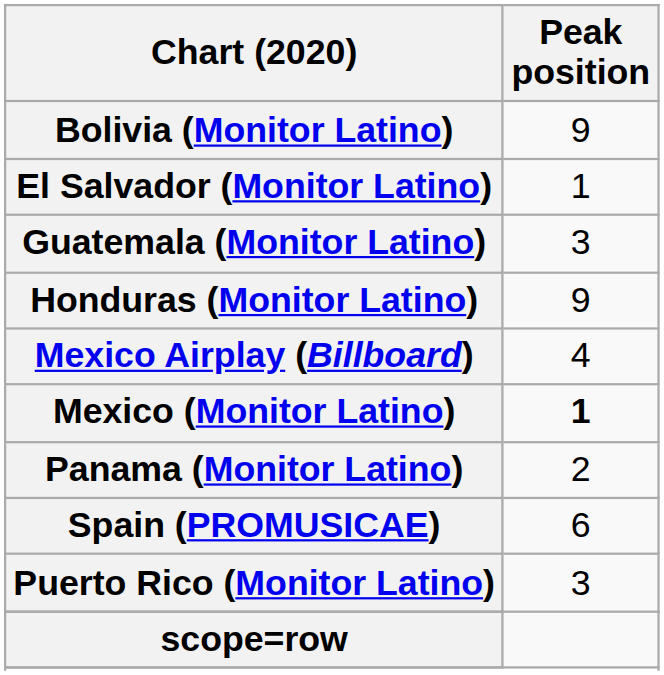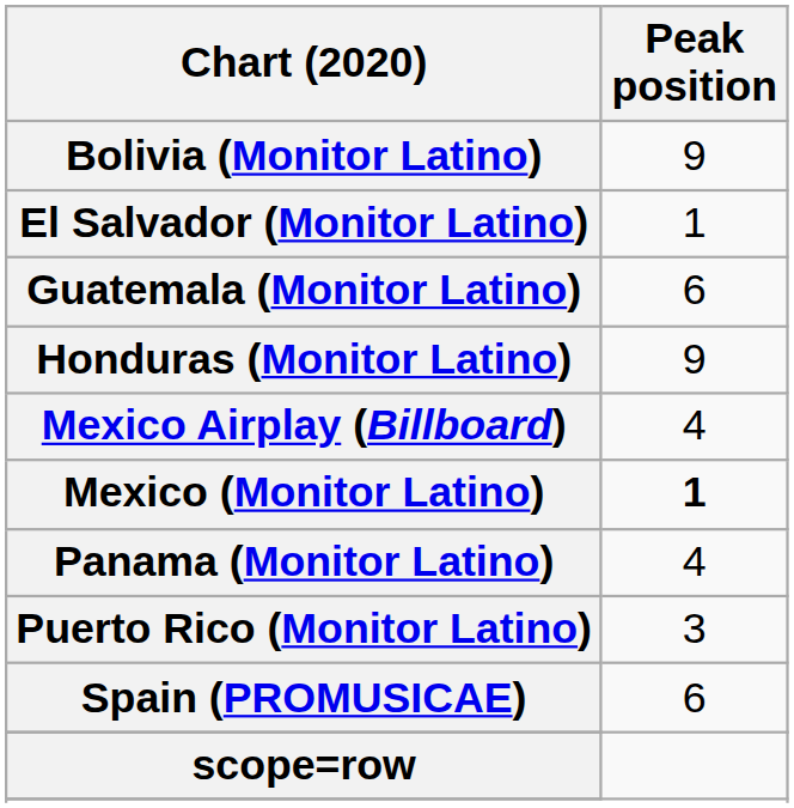 <table class="wikitable sortable plainrowheaders" style="text-align:center">
 <tr>
 <th scope="col">Chart (2020)</th>
 <th scope="col">Peak<br>position</th>
 </tr>
 <tr>
 <th scope="row">Bolivia (<a href='#'>Monitor Latino</a>)</th>
 <td>9</td>
 </tr>
 <tr>
 <th scope="row">El Salvador (<a href='#'>Monitor Latino</a>)</th>
 <td>1</td>
 </tr>
 <tr>
 <th scope="row">Guatemala (<a href='#'>Monitor Latino</a>)</th>
-<td>3</td>
+<td>6</td>
 </tr>
 <tr>
 <th scope="row">Honduras (<a href='#'>Monitor Latino</a>)</th>
 <td>9</td>
 </tr>
 <tr>
 <th scope="row"><a href='#'>Mexico Airplay</a> (<em><a href='#'>Billboard</a></em>)</th>
 <td>4</td>
 </tr>
 <tr>
 <th scope="row">Mexico (<a href='#'>Monitor Latino</a>)</th>
 <td><strong>1</strong></td>
 </tr>
 <tr>
 <th scope="row">Panama (<a href='#'>Monitor Latino</a>)</th>
-<td>2</td>
+<td>4</td>
+</tr>
+<tr>
+<th scope="row">Puerto Rico (<a href='#'>Monitor Latino</a>)</th>
+<td>3</td>
 </tr>
 <tr>
 <th scope="row">Spain (<a href='#'>PROMUSICAE</a>)</th>
 <td>6</td>
-</tr>
-<tr>
-<th scope="row">Puerto Rico (<a href='#'>Monitor Latino</a>)</th>
-<td>3</td>
 </tr>
 <tr>
 </tr>
 <tr>
 </tr>
 <tr>
 </tr>
 <tr>
 <th>scope=row</th>
 </tr>
 <tr>
 </tr>
 <tr>
 </tr>
 </table>
